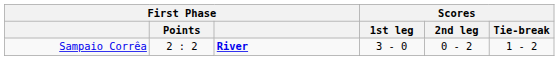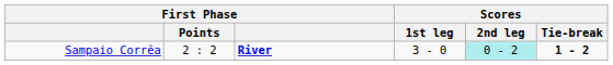 <table class="wikitable" style="text-align:center;">
 <tr>
 <th colspan=3>First Phase</th>
 <th colspan=3>Scores</th>
 </tr>
 <tr>
 <th width="175"></th>
 <th width="75">Points</th>
 <th width="175"></th>
 <th width="75">1st leg</th>
 <th width="75">2nd leg</th>
 <th width="75">Tie-break</th>
 </tr>
 <tr>
 <td align=right><a href='#'>Sampaio Corrêa</a></td>
 <td>2 : 2</td>
 <td align=left><strong><a href='#'>River</a></strong></td>
 <td>3 - 0</td>
-<td>0 - 2</td>
-<td>1 - 2</td>
+<td style="background: paleturquoise;">0 - 2</td>
+<td><strong>1 - 2</strong></td>
 </tr>
 </table>
